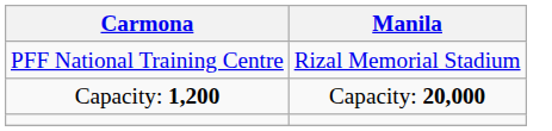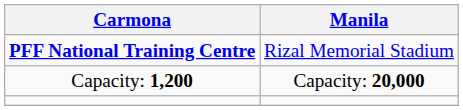 <table class="wikitable" style="text-align:center;">
 <tr>
 <th><a href='#'>Carmona</a></th>
 <th><a href='#'>Manila</a></th>
 </tr>
 <tr>
-<td><a href='#'>PFF National Training Centre</a></td>
+<td><strong><a href='#'>PFF National Training Centre</a></strong></td>
 <td><a href='#'>Rizal Memorial Stadium</a></td>
 </tr>
 <tr>
 <td>Capacity: <strong>1,200</strong></td>
 <td>Capacity: <strong>20,000</strong></td>
 </tr>
 <tr>
 <td></td>
 <td></td>
 </tr>
 <tr>
 </tr>
 </table>
